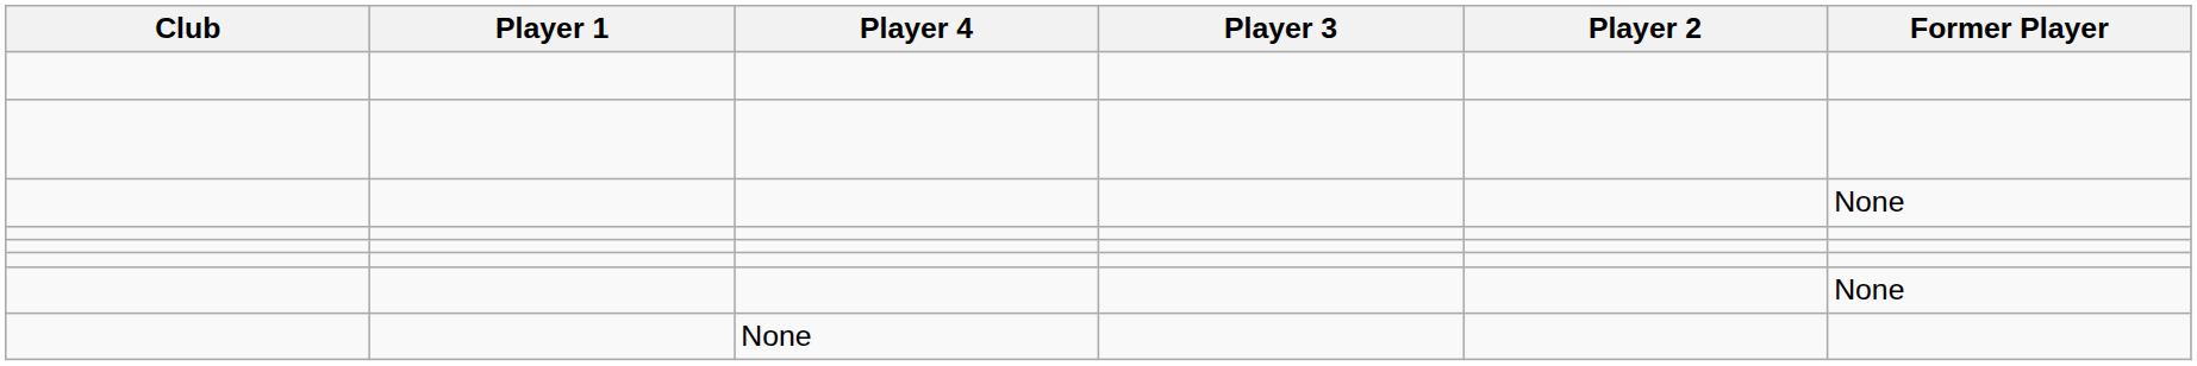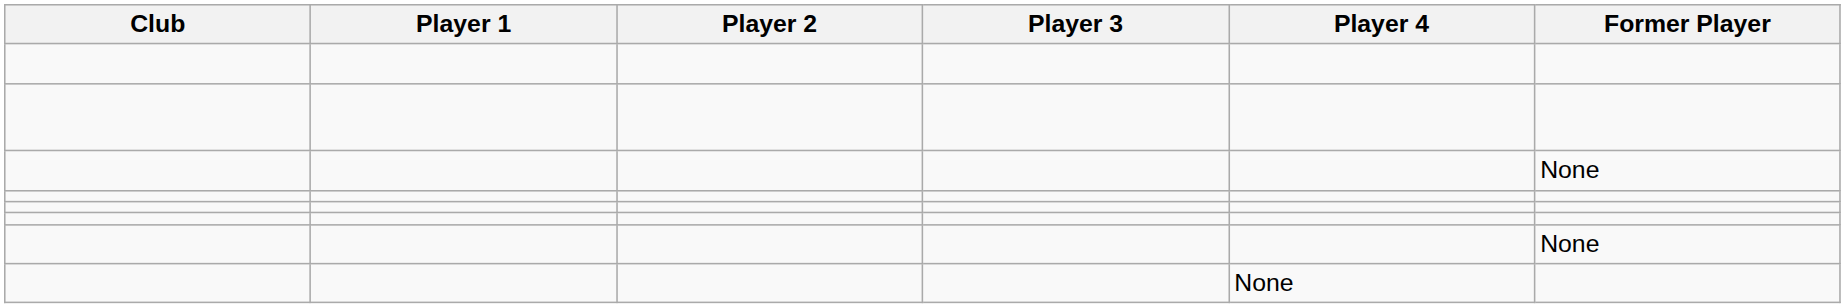 <table class="wikitable ">
 <tr>
 <th style="width:190px;">Club</th>
 <th style="width:190px;">Player 1</th>
+<th style="width:190px;">Player 2</th>
+<th style="width:190px;">Player 3</th>
 <th style="width:190px;">Player 4</th>
-<th style="width:190px;">Player 3</th>
-<th style="width:190px;">Player 2</th>
 <th style="width:190px;">Former Player</th>
 </tr>
 <tr>
 <td></td>
 <td></td>
 <td></td>
 <td></td>
 <td></td>
 <td><br></td>
 </tr>
 <tr>
 <td></td>
 <td></td>
 <td></td>
 <td></td>
 <td></td>
 <td><br> <br></td>
 </tr>
 <tr>
 <td></td>
 <td></td>
 <td></td>
 <td></td>
 <td></td>
 <td>None</td>
 </tr>
 <tr>
 <td></td>
 <td></td>
 <td></td>
 <td></td>
 <td></td>
 <td></td>
 </tr>
 <tr>
 <td></td>
 <td></td>
 <td></td>
 <td></td>
 <td></td>
 <td></td>
 </tr>
 <tr>
 <td></td>
 <td></td>
 <td></td>
 <td></td>
 <td></td>
 <td></td>
 </tr>
 <tr>
 <td></td>
 <td></td>
 <td></td>
 <td></td>
 <td></td>
 <td>None</td>
 </tr>
 <tr>
 <td></td>
 <td></td>
-<td>None</td>
 <td></td>
 <td></td>
+<td>None</td>
 <td></td>
 </tr>
 </table>
